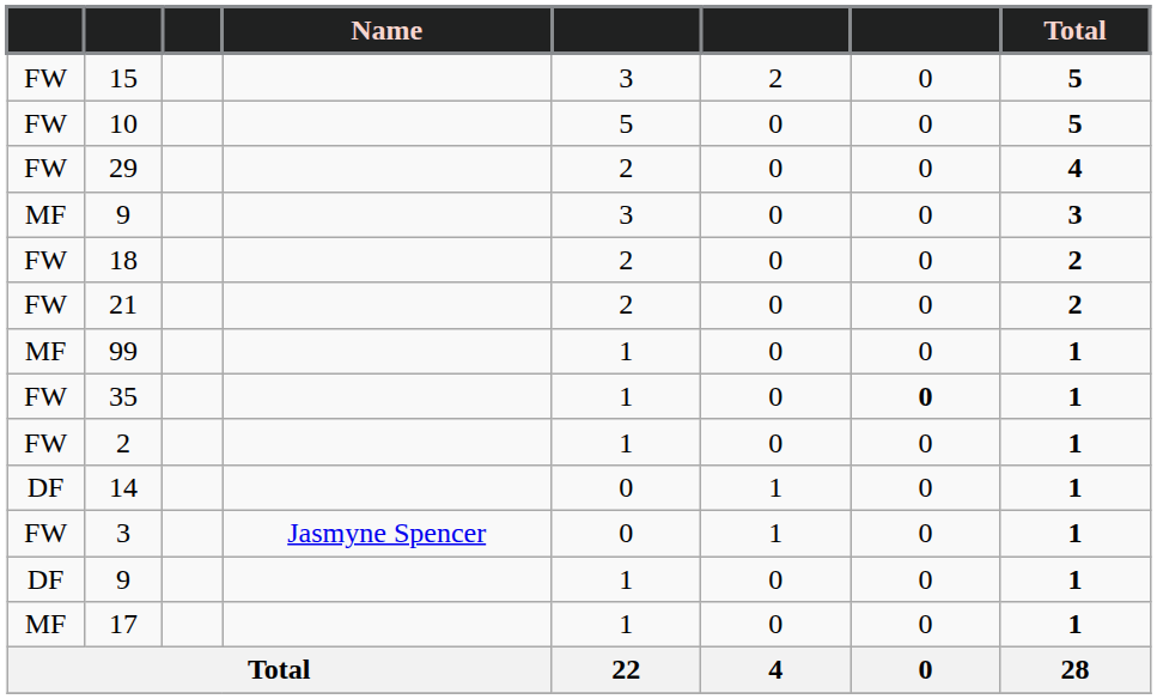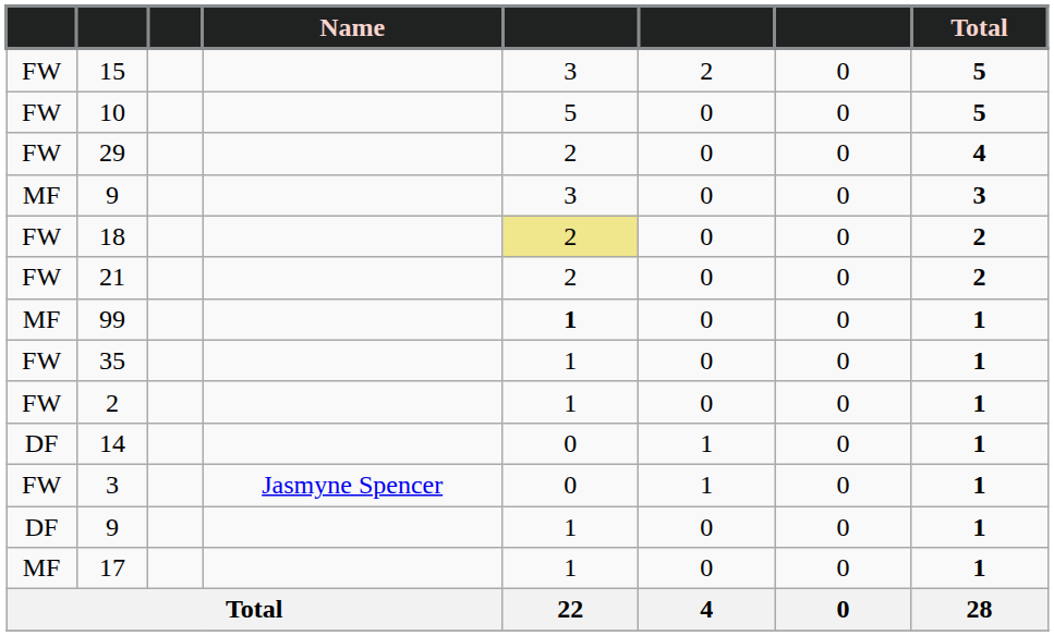 <table class="wikitable sortable" style="text-align:center;">
 <tr>
 <th style="background:#202121; color:#F7D5CF; border:2px solid #898C8F; width:35px;" scope="col"></th>
 <th style="background:#202121; color:#F7D5CF; border:2px solid #898C8F; width:35px;" scope="col"></th>
 <th style="background:#202121; color:#F7D5CF; border:2px solid #898C8F; width:25px;" scope="col"></th>
 <th style="background:#202121; color:#F7D5CF; border:2px solid #898C8F; width:175px;" scope="col">Name</th>
 <th style="background:#202121; color:#F7D5CF; border:2px solid #898C8F; width:75px;" scope="col"></th>
 <th style="background:#202121; color:#F7D5CF; border:2px solid #898C8F; width:75px;" scope="col"></th>
 <th style="background:#202121; color:#F7D5CF; border:2px solid #898C8F; width:75px;" scope="col"></th>
 <th style="background:#202121; color:#F7D5CF; border:2px solid #898C8F; width:75px;" scope="col">Total</th>
 </tr>
 <tr>
 <td>FW</td>
 <td>15</td>
 <td></td>
 <td></td>
 <td>3</td>
 <td>2</td>
 <td>0</td>
 <td><strong>5</strong></td>
 </tr>
 <tr>
 <td>FW</td>
 <td>10</td>
 <td></td>
 <td></td>
 <td>5</td>
 <td>0</td>
 <td>0</td>
 <td><strong>5</strong></td>
 </tr>
 <tr>
 <td>FW</td>
 <td>29</td>
 <td></td>
 <td></td>
 <td>2</td>
 <td>0</td>
 <td>0</td>
 <td><strong>4</strong></td>
 </tr>
 <tr>
 <td>MF</td>
 <td>9</td>
 <td></td>
 <td></td>
 <td>3</td>
 <td>0</td>
 <td>0</td>
 <td><strong>3</strong></td>
 </tr>
 <tr>
 <td>FW</td>
 <td>18</td>
 <td></td>
 <td></td>
-<td>2</td>
+<td style="background: khaki;">2</td>
 <td>0</td>
 <td>0</td>
 <td><strong>2</strong></td>
 </tr>
 <tr>
 <td>FW</td>
 <td>21</td>
 <td></td>
 <td></td>
 <td>2</td>
 <td>0</td>
 <td>0</td>
 <td><strong>2</strong></td>
 </tr>
 <tr>
 <td>MF</td>
 <td>99</td>
 <td></td>
 <td></td>
-<td>1</td>
+<td><strong>1</strong></td>
 <td>0</td>
 <td>0</td>
 <td><strong>1</strong></td>
 </tr>
 <tr>
 <td>FW</td>
 <td>35</td>
 <td></td>
 <td></td>
 <td>1</td>
 <td>0</td>
-<td><strong>0</strong></td>
+<td>0</td>
 <td><strong>1</strong></td>
 </tr>
 <tr>
 <td>FW</td>
 <td>2</td>
 <td></td>
 <td></td>
 <td>1</td>
 <td>0</td>
 <td>0</td>
 <td><strong>1</strong></td>
 </tr>
 <tr>
 <td>DF</td>
 <td>14</td>
 <td></td>
 <td></td>
 <td>0</td>
 <td>1</td>
 <td>0</td>
 <td><strong>1</strong></td>
 </tr>
 <tr>
 <td>FW</td>
 <td>3</td>
 <td></td>
 <td><a href='#'>Jasmyne Spencer</a></td>
 <td>0</td>
 <td>1</td>
 <td>0</td>
 <td><strong>1</strong></td>
 </tr>
 <tr>
 <td>DF</td>
 <td>9</td>
 <td></td>
 <td></td>
 <td>1</td>
 <td>0</td>
 <td>0</td>
 <td><strong>1</strong></td>
 </tr>
 <tr>
 <td>MF</td>
 <td>17</td>
 <td></td>
 <td></td>
 <td>1</td>
 <td>0</td>
 <td>0</td>
 <td><strong>1</strong></td>
 </tr>
 <tr>
 <th colspan=4 scope="row">Total</th>
 <th>22</th>
 <th>4</th>
 <th>0</th>
 <th>28</th>
 </tr>
 <tr>
 </tr>
 </table>
